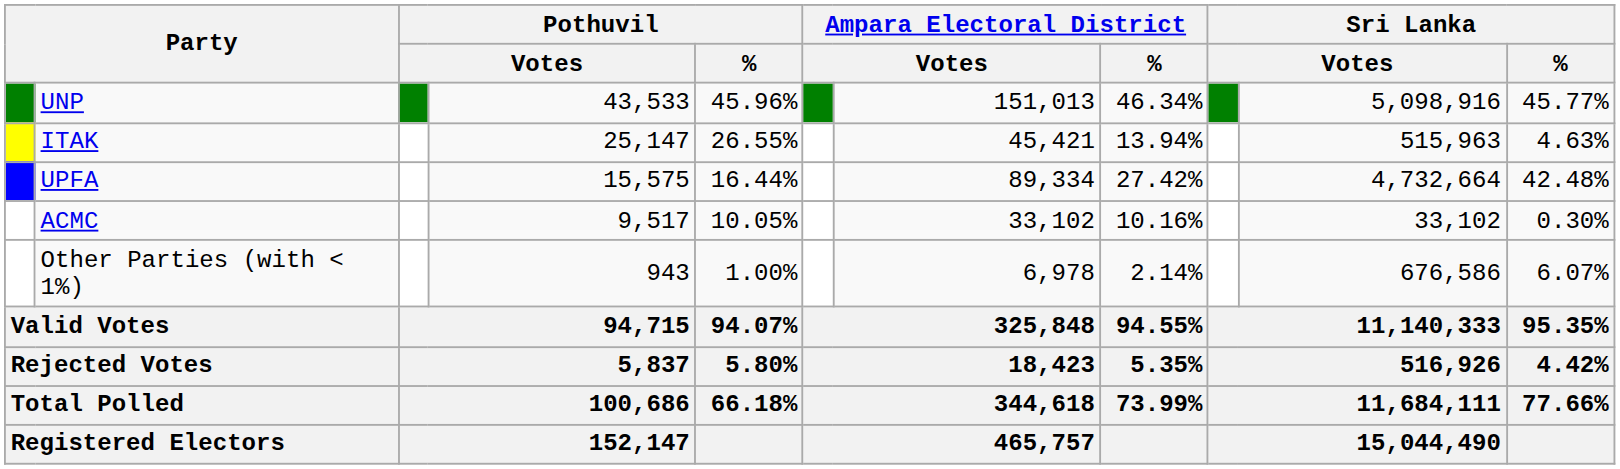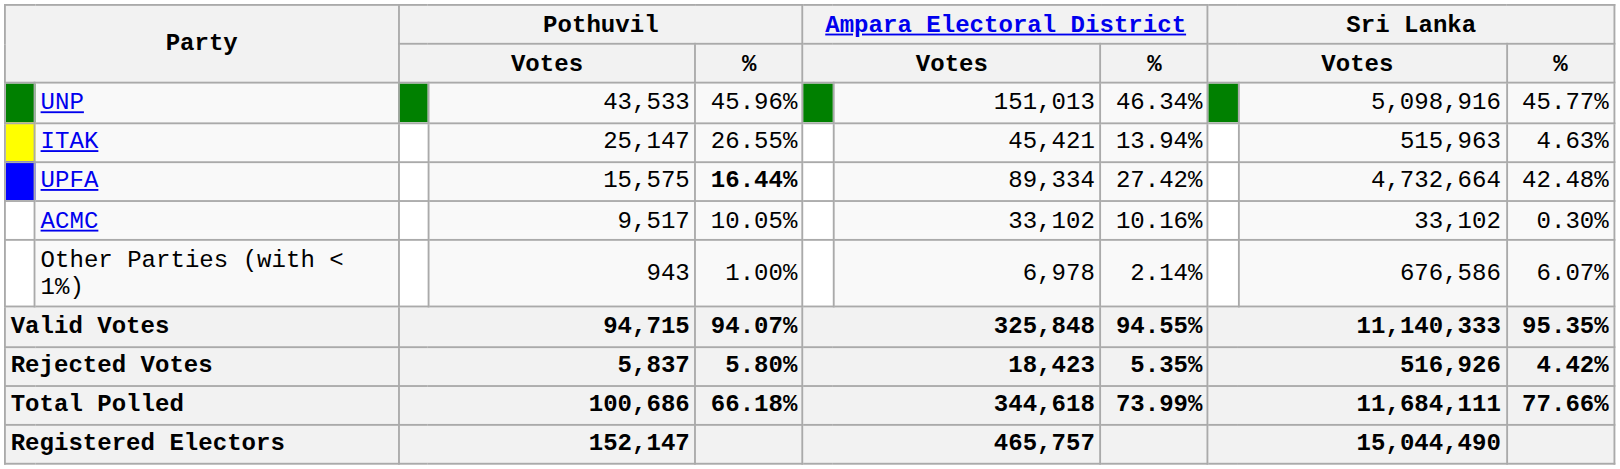 <table class="wikitable">
 <tr>
 <th colspan="2" width="144px"rowspan="2">Party</th>
 <th colspan="3" width="216px">Pothuvil</th>
 <th colspan="3" width="216px"><a href='#'>Ampara Electoral District</a></th>
 <th colspan="3" width="216px">Sri Lanka</th>
 </tr>
 <tr>
 <th colspan="2" width="144px">Votes</th>
 <th>%</th>
 <th colspan="2" width="144px">Votes</th>
 <th>%</th>
 <th colspan="2" width="144px">Votes</th>
 <th>%</th>
 </tr>
 <tr>
 <td style="background-color:green;" width="10px"></td>
 <td style="text-align:left;"><a href='#'>UNP</a></td>
 <td style="background-color:green;" width="10px"></td>
 <td style="text-align:right;">43,533</td>
 <td style="text-align:right;">45.96%</td>
 <td style="background-color:green;" width="10px"></td>
 <td style="text-align:right;">151,013</td>
 <td style="text-align:right;">46.34%</td>
 <td style="background-color:green;" width="10px"></td>
 <td style="text-align:right;">5,098,916</td>
 <td style="text-align:right;">45.77%</td>
 </tr>
 <tr>
 <td style="background-color:yellow;" width="10px"></td>
 <td style="text-align:left;"><a href='#'>ITAK</a></td>
 <td style="background-color:white;" width="10px"></td>
 <td style="text-align:right;">25,147</td>
 <td style="text-align:right;">26.55%</td>
 <td style="background-color:white;" width="10px"></td>
 <td style="text-align:right;">45,421</td>
 <td style="text-align:right;">13.94%</td>
 <td style="background-color:white;" width="10px"></td>
 <td style="text-align:right;">515,963</td>
 <td style="text-align:right;">4.63%</td>
 </tr>
 <tr>
 <td style="background-color:blue;" width="10px"></td>
 <td style="text-align:left;"><a href='#'>UPFA</a></td>
 <td style="background-color:white;" width="10px"></td>
 <td style="text-align:right;">15,575</td>
-<td style="text-align:right;">16.44%</td>
+<td style="text-align:right;"><strong>16.44%</strong></td>
 <td style="background-color:white;" width="10px"></td>
 <td style="text-align:right;">89,334</td>
 <td style="text-align:right;">27.42%</td>
 <td style="background-color:white;" width="10px"></td>
 <td style="text-align:right;">4,732,664</td>
 <td style="text-align:right;">42.48%</td>
 </tr>
 <tr>
 <td style="background-color:white;" width="10px"></td>
 <td style="text-align:left;"><a href='#'>ACMC</a></td>
 <td style="background-color:white;" width="10px"></td>
 <td style="text-align:right;">9,517</td>
 <td style="text-align:right;">10.05%</td>
 <td style="background-color:white;" width="10px"></td>
 <td style="text-align:right;">33,102</td>
 <td style="text-align:right;">10.16%</td>
 <td style="background-color:white;" width="10px"></td>
 <td style="text-align:right;">33,102</td>
 <td style="text-align:right;">0.30%</td>
 </tr>
 <tr>
 <td style="background-color:white;" width="10px"></td>
 <td style="text-align:left;">Other Parties (with < 1%)</td>
 <td style="background-color:white;" width="10px"></td>
 <td style="text-align:right;">943</td>
 <td style="text-align:right;">1.00%</td>
 <td style="background-color:white;" width="10px"></td>
 <td style="text-align:right;">6,978</td>
 <td style="text-align:right;">2.14%</td>
 <td style="background-color:white;" width="10px"></td>
 <td style="text-align:right;">676,586</td>
 <td style="text-align:right;">6.07%</td>
 </tr>
 <tr>
 <th colspan="2" width="144px"style="text-align:left;">Valid Votes</th>
 <th style="text-align:right;"colspan="2" width="144px">94,715</th>
 <th style="text-align:right;">94.07%</th>
 <th style="text-align:right;"colspan="2" width="144px">325,848</th>
 <th style="text-align:right;">94.55%</th>
 <th style="text-align:right;"colspan="2" width="144px">11,140,333</th>
 <th style="text-align:right;">95.35%</th>
 </tr>
 <tr>
 <th colspan="2" width="144px"style="text-align:left;">Rejected Votes</th>
 <th style="text-align:right;"colspan="2" width="144px">5,837</th>
 <th style="text-align:right;">5.80%</th>
 <th style="text-align:right;"colspan="2" width="144px">18,423</th>
 <th style="text-align:right;">5.35%</th>
 <th style="text-align:right;"colspan="2" width="144px">516,926</th>
 <th style="text-align:right;">4.42%</th>
 </tr>
 <tr>
 <th colspan="2" width="144px"style="text-align:left;">Total Polled</th>
 <th style="text-align:right;"colspan="2" width="144px">100,686</th>
 <th style="text-align:right;">66.18%</th>
 <th style="text-align:right;"colspan="2" width="144px">344,618</th>
 <th style="text-align:right;">73.99%</th>
 <th style="text-align:right;"colspan="2" width="144px">11,684,111</th>
 <th style="text-align:right;">77.66%</th>
 </tr>
 <tr>
 <th colspan="2" width="144px"style="text-align:left;">Registered Electors</th>
 <th style="text-align:right;"colspan="2" width="144px">152,147</th>
 <th></th>
 <th style="text-align:right;"colspan="2" width="144px">465,757</th>
 <th></th>
 <th style="text-align:right;"colspan="2" width="144px">15,044,490</th>
 <th></th>
 </tr>
 </table>
